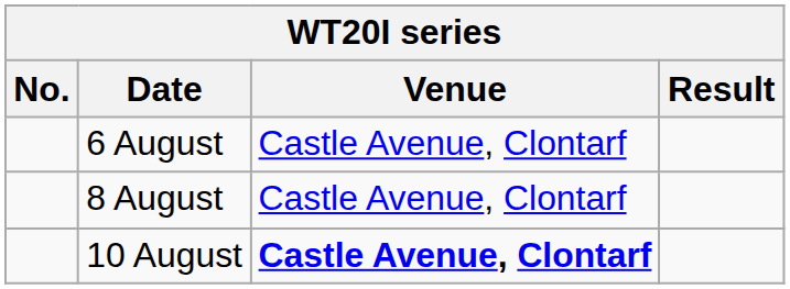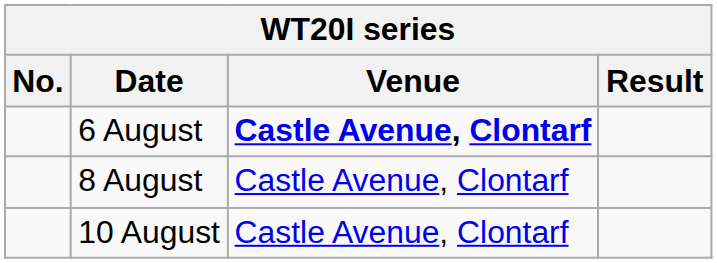 <table class="wikitable">
 <tr>
 <th colspan="4">WT20I series</th>
 </tr>
 <tr>
 <th>No.</th>
 <th>Date</th>
 <th>Venue</th>
 <th>Result</th>
 </tr>
 <tr>
 <td></td>
 <td>6 August</td>
-<td><a href='#'>Castle Avenue</a>, <a href='#'>Clontarf</a></td>
+<td><strong><a href='#'>Castle Avenue</a>, <a href='#'>Clontarf</a></strong></td>
 <td></td>
 </tr>
 <tr>
 <td></td>
 <td>8 August</td>
 <td><a href='#'>Castle Avenue</a>, <a href='#'>Clontarf</a></td>
 <td></td>
 </tr>
 <tr>
 <td></td>
 <td>10 August</td>
-<td><strong><a href='#'>Castle Avenue</a>, <a href='#'>Clontarf</a></strong></td>
+<td><a href='#'>Castle Avenue</a>, <a href='#'>Clontarf</a></td>
 <td></td>
 </tr>
 </table>
